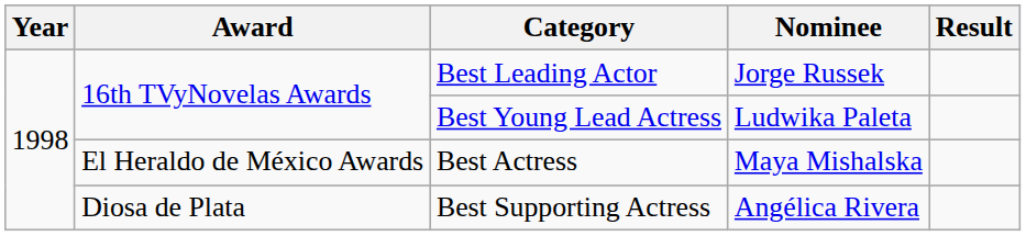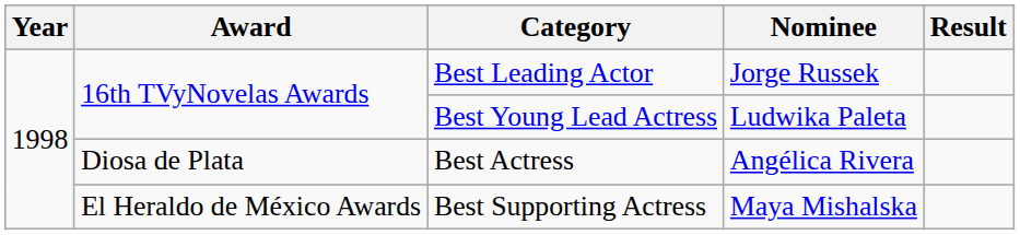 <table class="wikitable">
 <tr style="background:#b0c4de;">
 <th>Year</th>
 <th>Award</th>
 <th>Category</th>
 <th>Nominee</th>
 <th>Result</th>
 </tr>
 <tr>
 <td rowspan=4>1998</td>
 <td rowspan=2><a href='#'>16th TVyNovelas Awards</a></td>
 <td><a href='#'>Best Leading Actor</a></td>
 <td><a href='#'>Jorge Russek</a></td>
 <td></td>
 </tr>
 <tr>
 <td><a href='#'>Best Young Lead Actress</a></td>
 <td><a href='#'>Ludwika Paleta</a></td>
 <td></td>
 </tr>
 <tr>
+<td>Diosa de Plata</td>
+<td>Best Actress</td>
+<td><a href='#'>Angélica Rivera</a></td>
+<td></td>
+</tr>
+<tr>
 <td>El Heraldo de México Awards</td>
-<td>Best Actress</td>
+<td>Best Supporting Actress</td>
 <td><a href='#'>Maya Mishalska</a></td>
 <td></td>
 </tr>
-<tr>
-<td>Diosa de Plata</td>
-<td>Best Supporting Actress</td>
-<td><a href='#'>Angélica Rivera</a></td>
-<td></td>
-</tr>
 </table>
